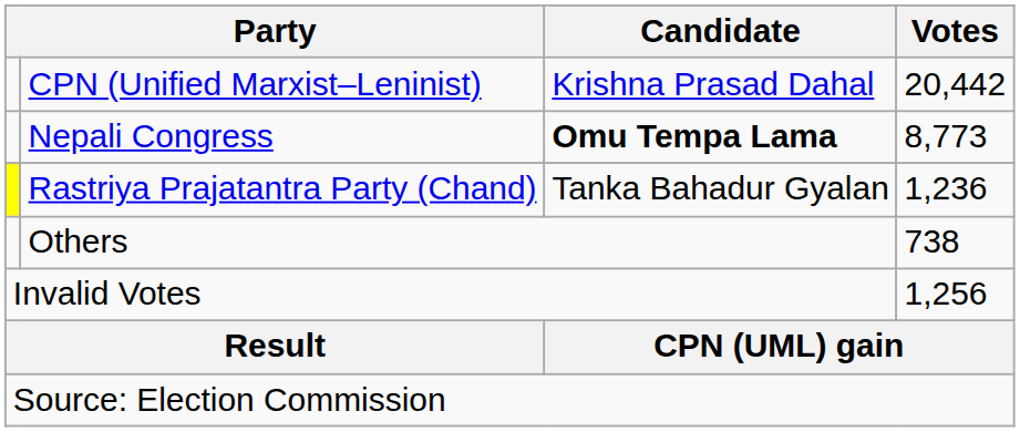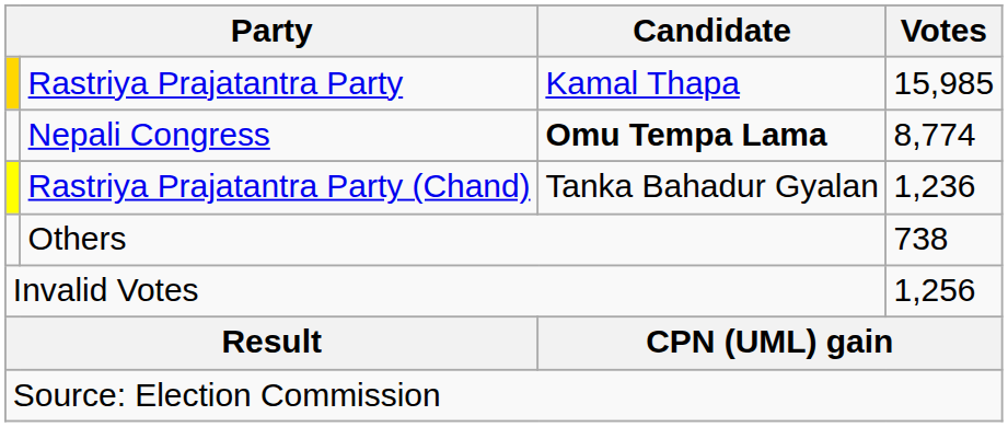 <table class="wikitable">
 <tr>
 <th colspan="2">Party</th>
 <th>Candidate</th>
 <th>Votes</th>
 </tr>
 <tr>
-<td style="background-color:"></td>
-<td><a href='#'>CPN (Unified Marxist–Leninist)</a></td>
-<td><a href='#'>Krishna Prasad Dahal</a></td>
-<td>20,442</td>
+<td style="background-color:gold"></td>
+<td><a href='#'>Rastriya Prajatantra Party</a></td>
+<td><a href='#'>Kamal Thapa</a></td>
+<td>15,985</td>
 </tr>
 <tr>
 <td style="background-color:"></td>
 <td><a href='#'>Nepali Congress</a></td>
 <td><strong>Omu Tempa Lama</strong></td>
-<td>8,773</td>
+<td>8,774</td>
 </tr>
 <tr>
 <td style="background-color:yellow"></td>
 <td><a href='#'>Rastriya Prajatantra Party (Chand)</a></td>
 <td>Tanka Bahadur Gyalan</td>
 <td>1,236</td>
 </tr>
 <tr>
 <td></td>
 <td colspan="2">Others</td>
 <td>738</td>
 </tr>
 <tr>
 <td colspan="3">Invalid Votes</td>
 <td>1,256</td>
 </tr>
 <tr>
 <th colspan="2">Result</th>
 <th colspan="2">CPN (UML) gain</th>
 </tr>
 <tr>
 <td colspan="4">Source: Election Commission</td>
 </tr>
 </table>
